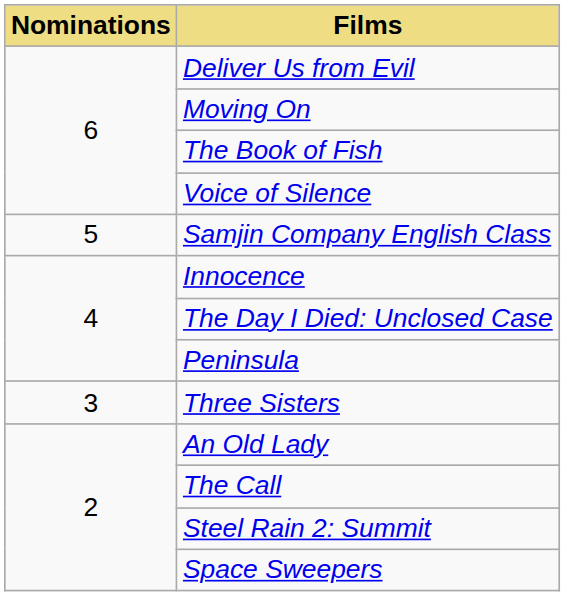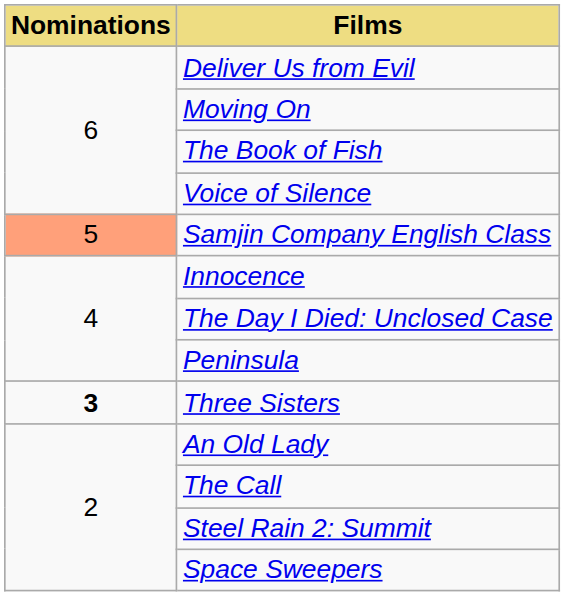 <table class="wikitable">
 <tr>
 <th style="background:#EEDD82; text-align:center">Nominations</th>
 <th style="background:#EEDD82; text-align:center">Films</th>
 </tr>
 <tr>
 <td rowspan="4" style="text-align:center">6</td>
 <td><em><a href='#'>Deliver Us from Evil</a></em></td>
 </tr>
 <tr>
 <td><em><a href='#'>Moving On</a></em></td>
 </tr>
 <tr>
 <td><em><a href='#'>The Book of Fish</a></em></td>
 </tr>
 <tr>
 <td><em><a href='#'>Voice of Silence</a></em></td>
 </tr>
 <tr>
-<td style="text-align:center">5</td>
+<td style="background: lightsalmon; text-align:center">5</td>
 <td><em><a href='#'>Samjin Company English Class</a></em></td>
 </tr>
 <tr>
 <td rowspan="3" style="text-align:center">4</td>
 <td><em><a href='#'>Innocence</a></em></td>
 </tr>
 <tr>
 <td><em><a href='#'>The Day I Died: Unclosed Case</a></em></td>
 </tr>
 <tr>
 <td><em><a href='#'>Peninsula</a></em></td>
 </tr>
 <tr>
-<td style="text-align:center">3</td>
+<td style="text-align:center"><strong>3</strong></td>
 <td><em><a href='#'>Three Sisters</a></em></td>
 </tr>
 <tr>
 <td rowspan="4" style="text-align:center">2</td>
 <td><em><a href='#'>An Old Lady</a></em></td>
 </tr>
 <tr>
 <td><em><a href='#'>The Call</a></em></td>
 </tr>
 <tr>
 <td><em><a href='#'>Steel Rain 2: Summit</a></em></td>
 </tr>
 <tr>
 <td><em><a href='#'>Space Sweepers</a></em></td>
 </tr>
 </table>
